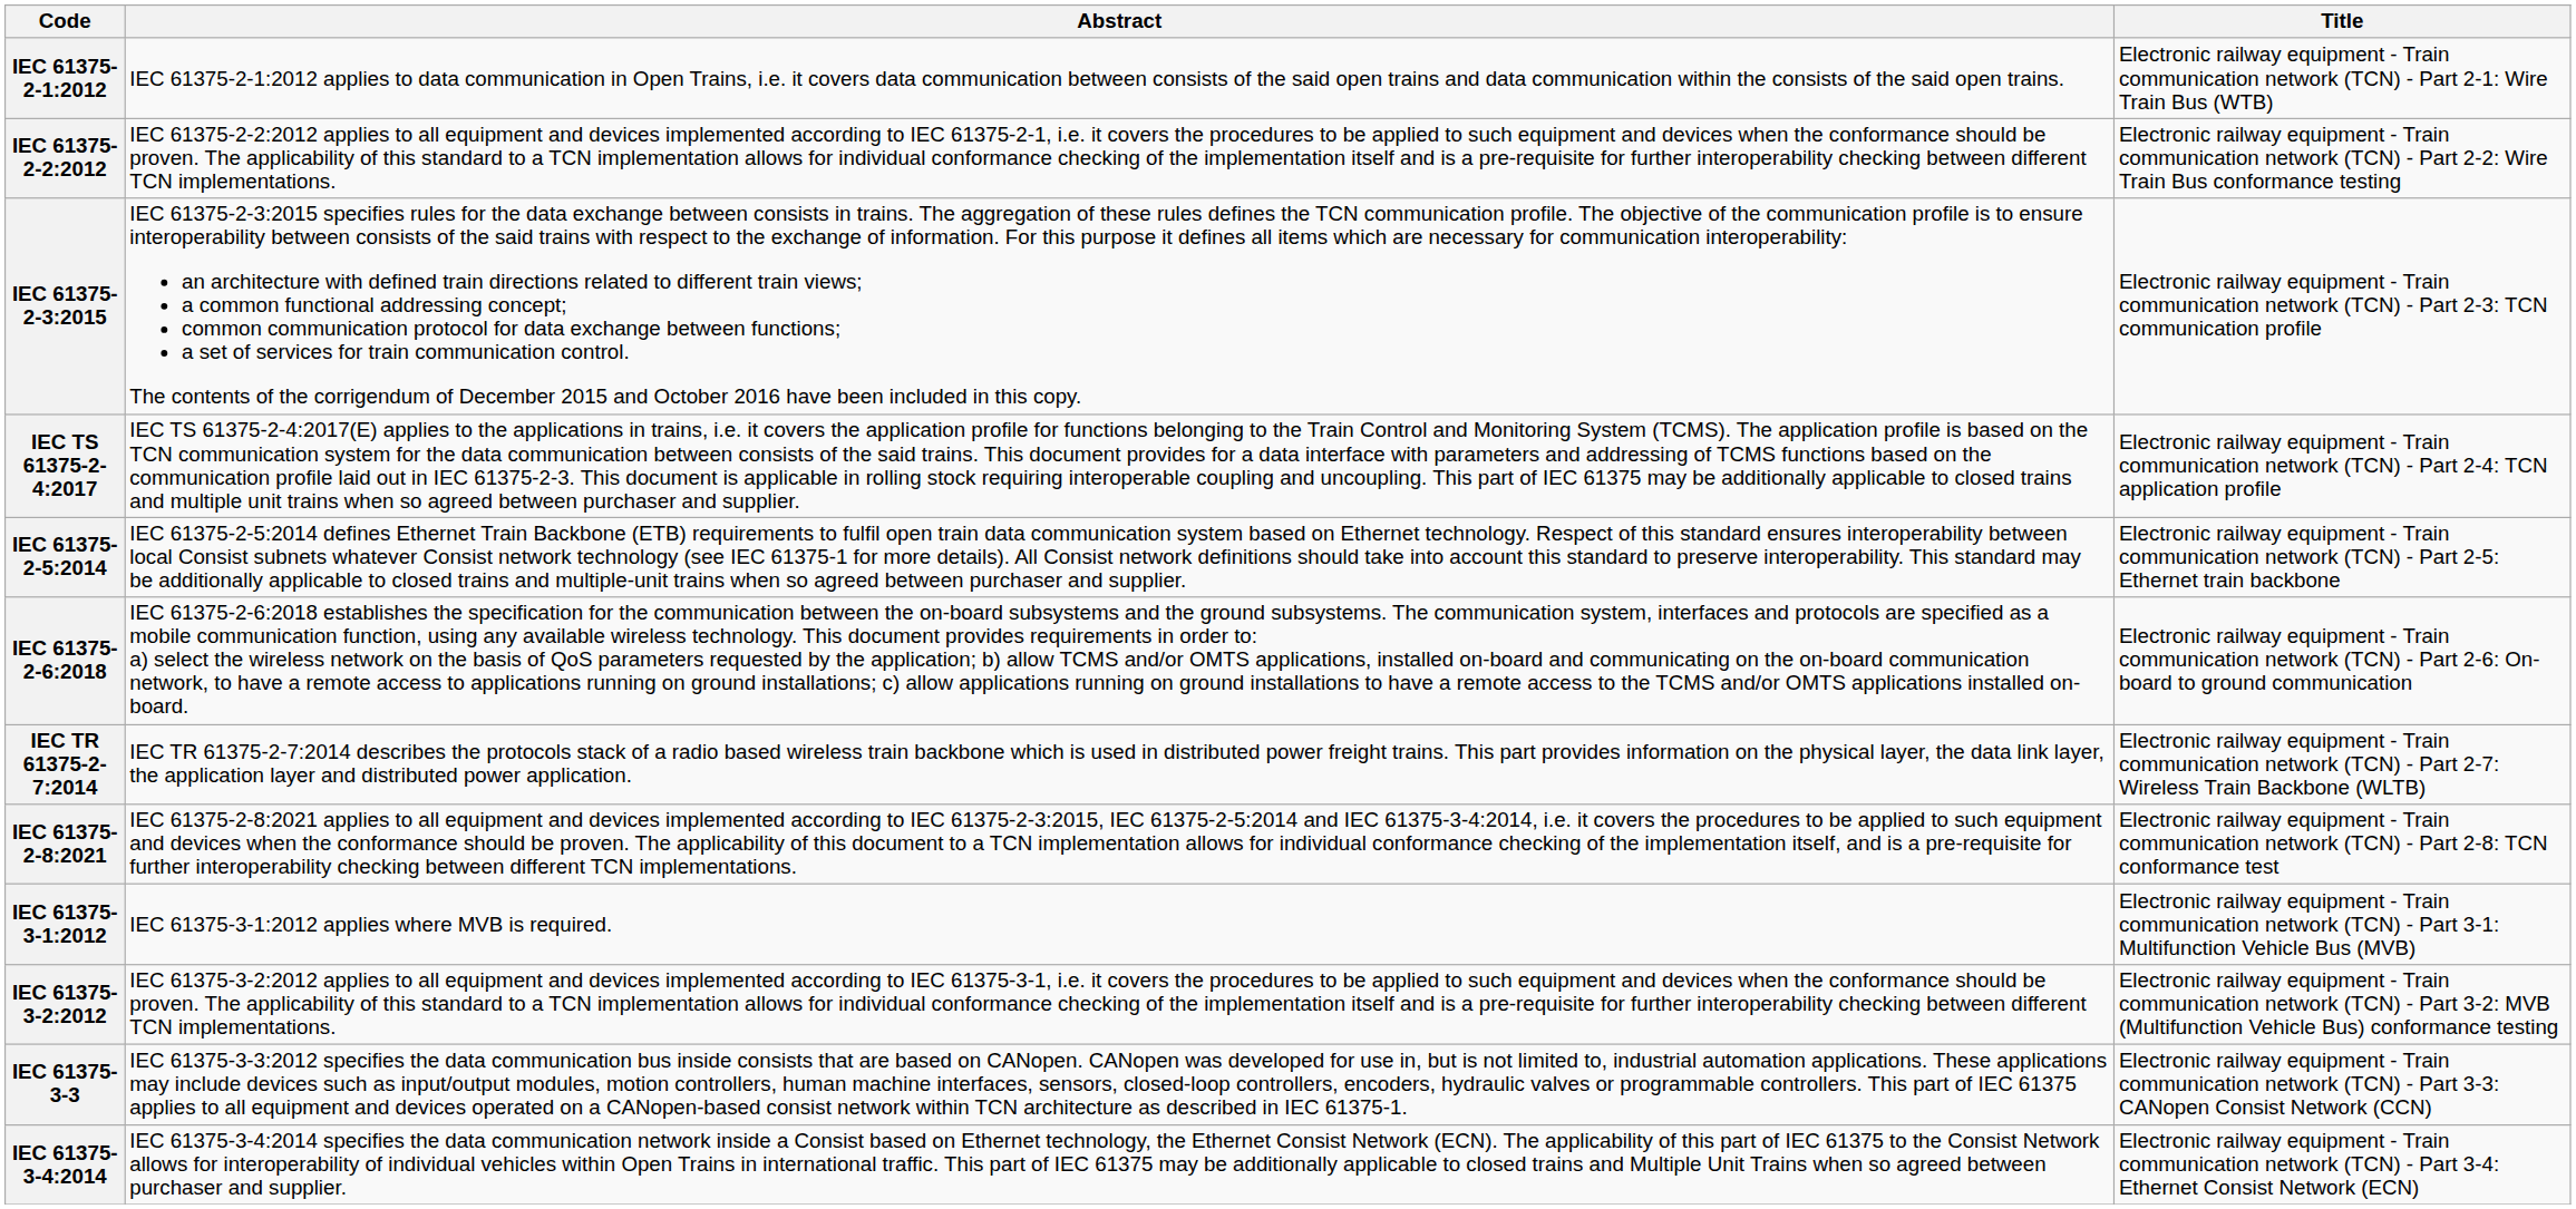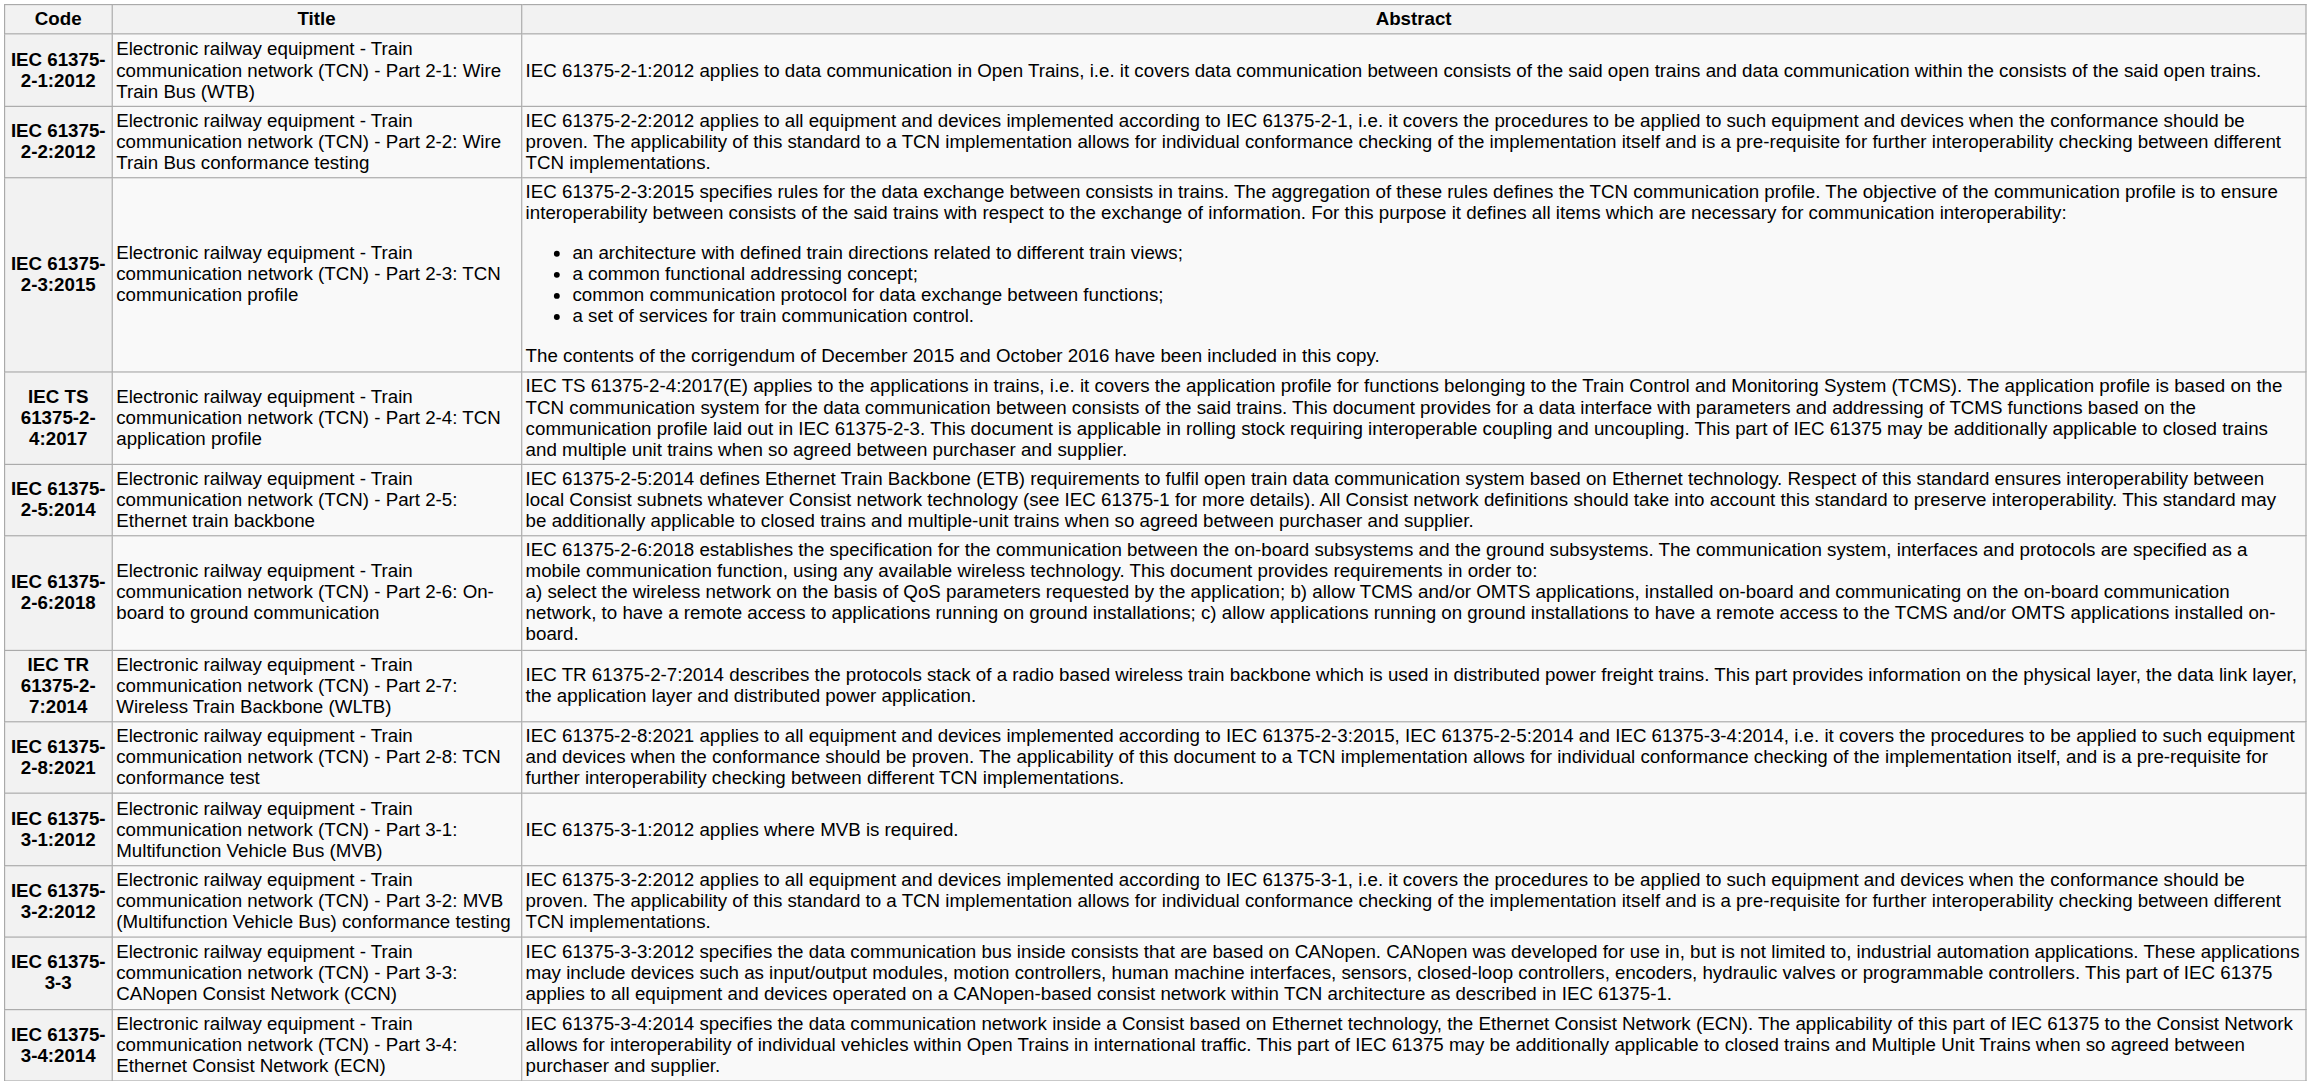 <table class=wikitable>
 <tr>
 <th>Code</th>
+<th>Title</th>
 <th>Abstract</th>
-<th>Title</th>
 </tr>
 <tr>
 <th>IEC 61375-2-1:2012</th>
+<td>Electronic railway equipment - Train communication network (TCN) - Part 2-1: Wire Train Bus (WTB)</td>
 <td>IEC 61375-2-1:2012 applies to data communication in Open Trains, i.e. it covers data communication between consists of the said open trains and data communication within the consists of the said open trains.</td>
-<td>Electronic railway equipment - Train communication network (TCN) - Part 2-1: Wire Train Bus (WTB)</td>
 </tr>
 <tr>
 <th>IEC 61375-2-2:2012</th>
+<td>Electronic railway equipment - Train communication network (TCN) - Part 2-2: Wire Train Bus conformance testing</td>
 <td>IEC 61375-2-2:2012 applies to all equipment and devices implemented according to IEC 61375-2-1, i.e. it covers the procedures to be applied to such equipment and devices when the conformance should be proven. The applicability of this standard to a TCN implementation allows for individual conformance checking of the implementation itself and is a pre-requisite for further interoperability checking between different TCN implementations.</td>
-<td>Electronic railway equipment - Train communication network (TCN) - Part 2-2: Wire Train Bus conformance testing</td>
 </tr>
 <tr>
 <th>IEC 61375-2-3:2015</th>
+<td>Electronic railway equipment - Train communication network (TCN) - Part 2-3: TCN communication profile</td>
 <td>IEC 61375-2-3:2015 specifies rules for the data exchange between consists in trains. The aggregation of these rules defines the TCN communication profile. The objective of the communication profile is to ensure interoperability between consists of the said trains with respect to the exchange of information. For this purpose it defines all items which are necessary for communication interoperability:<br><ul><li>an architecture with defined train directions related to different train views;</li><li>a common functional addressing concept;</li><li>common communication protocol for data exchange between functions;</li><li>a set of services for train communication control.</li></ul>The contents of the corrigendum of December 2015 and October 2016 have been included in this copy.</td>
-<td>Electronic railway equipment - Train communication network (TCN) - Part 2-3: TCN communication profile</td>
 </tr>
 <tr>
 <th>IEC TS 61375-2-4:2017</th>
+<td>Electronic railway equipment - Train communication network (TCN) - Part 2-4: TCN application profile</td>
 <td>IEC TS 61375-2-4:2017(E) applies to the applications in trains, i.e. it covers the application profile for functions belonging to the Train Control and Monitoring System (TCMS). The application profile is based on the TCN communication system for the data communication between consists of the said trains. This document provides for a data interface with parameters and addressing of TCMS functions based on the communication profile laid out in IEC 61375-2-3. This document is applicable in rolling stock requiring interoperable coupling and uncoupling. This part of IEC 61375 may be additionally applicable to closed trains and multiple unit trains when so agreed between purchaser and supplier.</td>
-<td>Electronic railway equipment - Train communication network (TCN) - Part 2-4: TCN application profile</td>
 </tr>
 <tr>
 <th>IEC 61375-2-5:2014</th>
+<td>Electronic railway equipment - Train communication network (TCN) - Part 2-5: Ethernet train backbone</td>
 <td>IEC 61375-2-5:2014 defines Ethernet Train Backbone (ETB) requirements to fulfil open train data communication system based on Ethernet technology. Respect of this standard ensures interoperability between local Consist subnets whatever Consist network technology (see IEC 61375-1 for more details). All Consist network definitions should take into account this standard to preserve interoperability. This standard may be additionally applicable to closed trains and multiple-unit trains when so agreed between purchaser and supplier.</td>
-<td>Electronic railway equipment - Train communication network (TCN) - Part 2-5: Ethernet train backbone</td>
 </tr>
 <tr>
 <th>IEC 61375-2-6:2018</th>
+<td>Electronic railway equipment - Train communication network (TCN) - Part 2-6: On-board to ground communication</td>
 <td>IEC 61375-2-6:2018 establishes the specification for the communication between the on-board subsystems and the ground subsystems. The communication system, interfaces and protocols are specified as a mobile communication function, using any available wireless technology. This document provides requirements in order to:<br>a) select the wireless network on the basis of QoS parameters requested by the application; b) allow TCMS and/or OMTS applications, installed on-board and communicating on the on-board communication network, to have a remote access to applications running on ground installations; c) allow applications running on ground installations to have a remote access to the TCMS and/or OMTS applications installed on-board.</td>
-<td>Electronic railway equipment - Train communication network (TCN) - Part 2-6: On-board to ground communication</td>
 </tr>
 <tr>
 <th>IEC TR 61375-2-7:2014</th>
+<td>Electronic railway equipment - Train communication network (TCN) - Part 2-7: Wireless Train Backbone (WLTB)</td>
 <td>IEC TR 61375-2-7:2014 describes the protocols stack of a radio based wireless train backbone which is used in distributed power freight trains. This part provides information on the physical layer, the data link layer, the application layer and distributed power application.</td>
-<td>Electronic railway equipment - Train communication network (TCN) - Part 2-7: Wireless Train Backbone (WLTB)</td>
 </tr>
 <tr>
 <th>IEC 61375-2-8:2021</th>
+<td>Electronic railway equipment - Train communication network (TCN) - Part 2-8: TCN conformance test</td>
 <td>IEC 61375-2-8:2021 applies to all equipment and devices implemented according to IEC 61375-2-3:2015, IEC 61375-2-5:2014 and IEC 61375-3-4:2014, i.e. it covers the procedures to be applied to such equipment and devices when the conformance should be proven. The applicability of this document to a TCN implementation allows for individual conformance checking of the implementation itself, and is a pre-requisite for further interoperability checking between different TCN implementations.</td>
-<td>Electronic railway equipment - Train communication network (TCN) - Part 2-8: TCN conformance test</td>
 </tr>
 <tr>
 <th>IEC 61375-3-1:2012</th>
+<td>Electronic railway equipment - Train communication network (TCN) - Part 3-1: Multifunction Vehicle Bus (MVB)</td>
 <td>IEC 61375-3-1:2012 applies where MVB is required.</td>
-<td>Electronic railway equipment - Train communication network (TCN) - Part 3-1: Multifunction Vehicle Bus (MVB)</td>
 </tr>
 <tr>
 <th>IEC 61375-3-2:2012</th>
+<td>Electronic railway equipment - Train communication network (TCN) - Part 3-2: MVB (Multifunction Vehicle Bus) conformance testing</td>
 <td>IEC 61375-3-2:2012 applies to all equipment and devices implemented according to IEC 61375-3-1, i.e. it covers the procedures to be applied to such equipment and devices when the conformance should be proven. The applicability of this standard to a TCN implementation allows for individual conformance checking of the implementation itself and is a pre-requisite for further interoperability checking between different TCN implementations.</td>
-<td>Electronic railway equipment - Train communication network (TCN) - Part 3-2: MVB (Multifunction Vehicle Bus) conformance testing</td>
 </tr>
 <tr>
 <th>IEC 61375-3-3</th>
+<td>Electronic railway equipment - Train communication network (TCN) - Part 3-3: CANopen Consist Network (CCN)</td>
 <td>IEC 61375-3-3:2012 specifies the data communication bus inside consists that are based on CANopen. CANopen was developed for use in, but is not limited to, industrial automation applications. These applications may include devices such as input/output modules, motion controllers, human machine interfaces, sensors, closed-loop controllers, encoders, hydraulic valves or programmable controllers. This part of IEC 61375 applies to all equipment and devices operated on a CANopen-based consist network within TCN architecture as described in IEC 61375-1.</td>
-<td>Electronic railway equipment - Train communication network (TCN) - Part 3-3: CANopen Consist Network (CCN)</td>
 </tr>
 <tr>
 <th>IEC 61375-3-4:2014</th>
+<td>Electronic railway equipment - Train communication network (TCN) - Part 3-4: Ethernet Consist Network (ECN)</td>
 <td>IEC 61375-3-4:2014 specifies the data communication network inside a Consist based on Ethernet technology, the Ethernet Consist Network (ECN). The applicability of this part of IEC 61375 to the Consist Network allows for interoperability of individual vehicles within Open Trains in international traffic. This part of IEC 61375 may be additionally applicable to closed trains and Multiple Unit Trains when so agreed between purchaser and supplier.</td>
-<td>Electronic railway equipment - Train communication network (TCN) - Part 3-4: Ethernet Consist Network (ECN)</td>
 </tr>
 </table>
